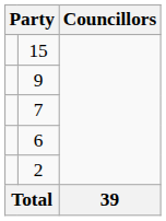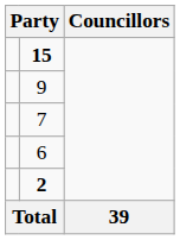 <table class="wikitable">
 <tr>
 <th colspan=2>Party</th>
 <th>Councillors</th>
 </tr>
 <tr>
 <td></td>
-<td align=center>15</td>
+<td align=center><strong>15</strong></td>
 </tr>
 <tr>
 <td></td>
 <td align=center>9</td>
 </tr>
 <tr>
 <td></td>
 <td align=center>7</td>
 </tr>
 <tr>
 <td></td>
 <td align=center>6</td>
 </tr>
 <tr>
 <td></td>
-<td align=center>2</td>
+<td align=center><strong>2</strong></td>
 </tr>
 <tr>
 <th colspan=2>Total</th>
 <th align=center>39</th>
 </tr>
 </table>
